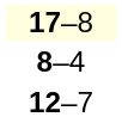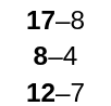 <table style="text-align:center" width=500>
 <tr>
 <th width=30%></th>
 <th width=10%></th>
 <th width=30%></th>
 <th width=10%></th>
 </tr>
 <tr>
 <td align="right"><strong></strong></td>
-<td style="background: lightyellow;"><strong>17</strong>–8</td>
+<td><strong>17</strong>–8</td>
 <td align="left"></td>
 </tr>
 <tr>
 <td align="right"><strong></strong></td>
 <td><strong>8</strong>–4</td>
 <td align="left"></td>
 </tr>
 <tr>
 <td align="right"><strong></strong></td>
 <td><strong>12</strong>–7</td>
 <td align="left"></td>
 </tr>
 </table>
